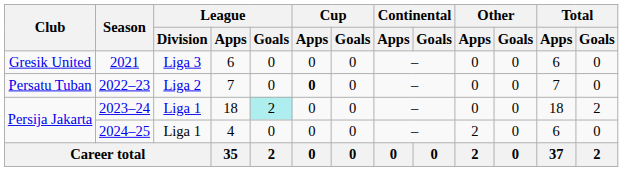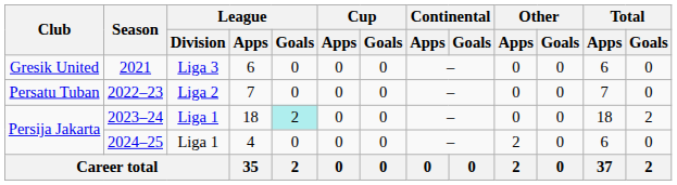 <table class="wikitable" style="text-align: center">
 <tr>
 <th rowspan="2">Club</th>
 <th rowspan="2">Season</th>
 <th colspan="3">League</th>
 <th colspan="2">Cup</th>
 <th colspan="2">Continental</th>
 <th colspan="2">Other</th>
 <th colspan="3">Total</th>
 </tr>
 <tr>
 <th>Division</th>
 <th>Apps</th>
 <th>Goals</th>
 <th>Apps</th>
 <th>Goals</th>
 <th>Apps</th>
 <th>Goals</th>
 <th>Apps</th>
 <th>Goals</th>
 <th>Apps</th>
 <th>Goals</th>
 </tr>
 <tr>
 <td rowspan="1"><a href='#'>Gresik United</a></td>
 <td><a href='#'>2021</a></td>
 <td rowspan="1" valign="center"><a href='#'>Liga 3</a></td>
 <td>6</td>
 <td>0</td>
 <td>0</td>
 <td>0</td>
 <td colspan="2">–</td>
 <td>0</td>
 <td>0</td>
 <td>6</td>
 <td>0</td>
 </tr>
 <tr>
 <td rowspan="1"><a href='#'>Persatu Tuban</a></td>
 <td><a href='#'>2022–23</a></td>
 <td rowspan="1" valign="center"><a href='#'>Liga 2</a></td>
 <td>7</td>
 <td>0</td>
-<td><strong>0</strong></td>
+<td>0</td>
 <td>0</td>
 <td colspan="2">–</td>
 <td>0</td>
 <td>0</td>
 <td>7</td>
 <td>0</td>
 </tr>
 <tr>
 <td rowspan="2"><a href='#'>Persija Jakarta</a></td>
 <td><a href='#'>2023–24</a></td>
 <td rowspan="1" valign="center"><a href='#'>Liga 1</a></td>
 <td>18</td>
 <td style="background: paleturquoise;">2</td>
 <td>0</td>
 <td>0</td>
 <td colspan="2">–</td>
 <td>0</td>
 <td>0</td>
 <td>18</td>
 <td>2</td>
 </tr>
 <tr>
 <td><a href='#'>2024–25</a></td>
 <td>Liga 1</td>
 <td>4</td>
 <td>0</td>
 <td>0</td>
 <td>0</td>
 <td colspan="2">–</td>
 <td>2</td>
 <td>0</td>
 <td>6</td>
 <td>0</td>
 </tr>
 <tr>
 <th colspan="3">Career total</th>
 <th>35</th>
 <th>2</th>
 <th>0</th>
 <th>0</th>
 <th>0</th>
 <th>0</th>
 <th>2</th>
 <th>0</th>
 <th>37</th>
 <th>2</th>
 </tr>
 </table>
